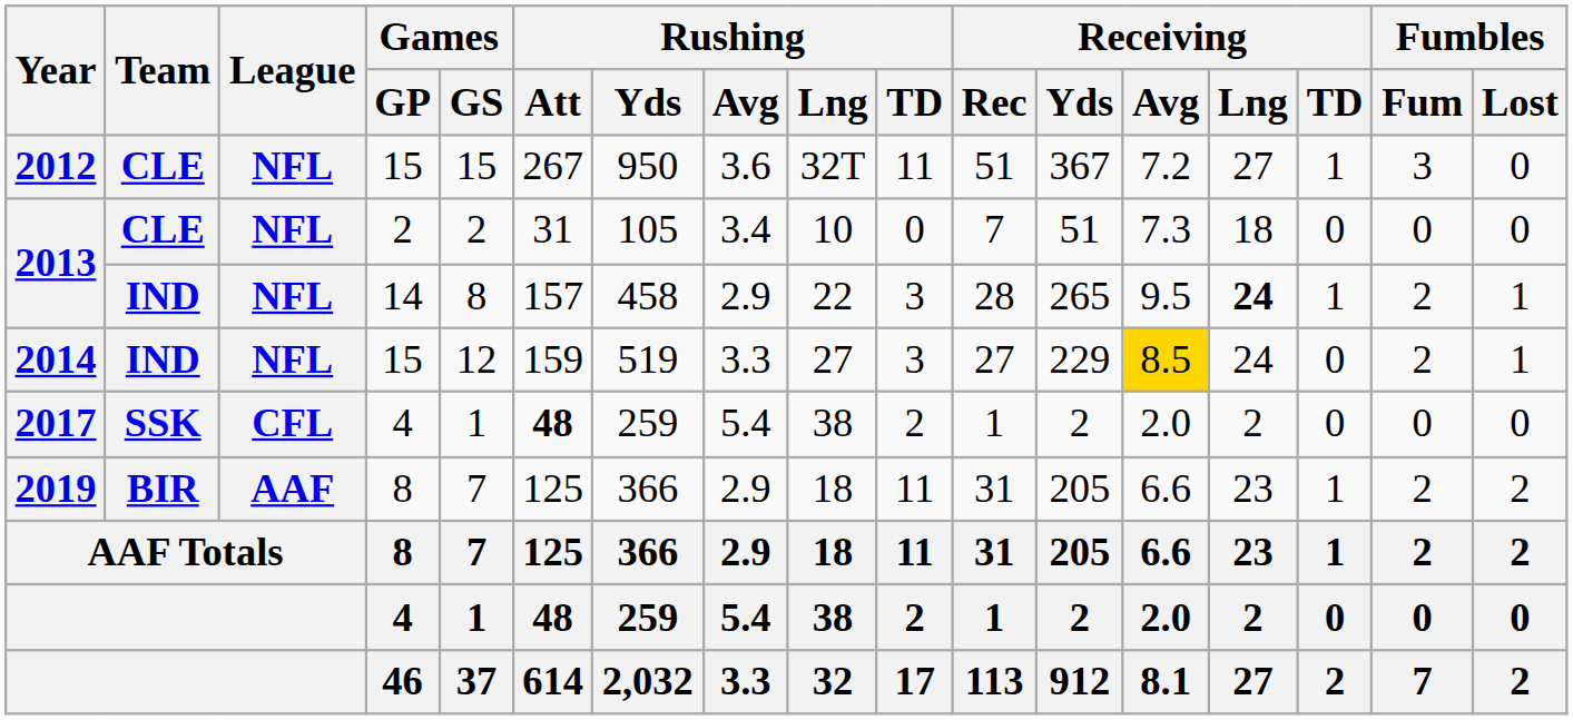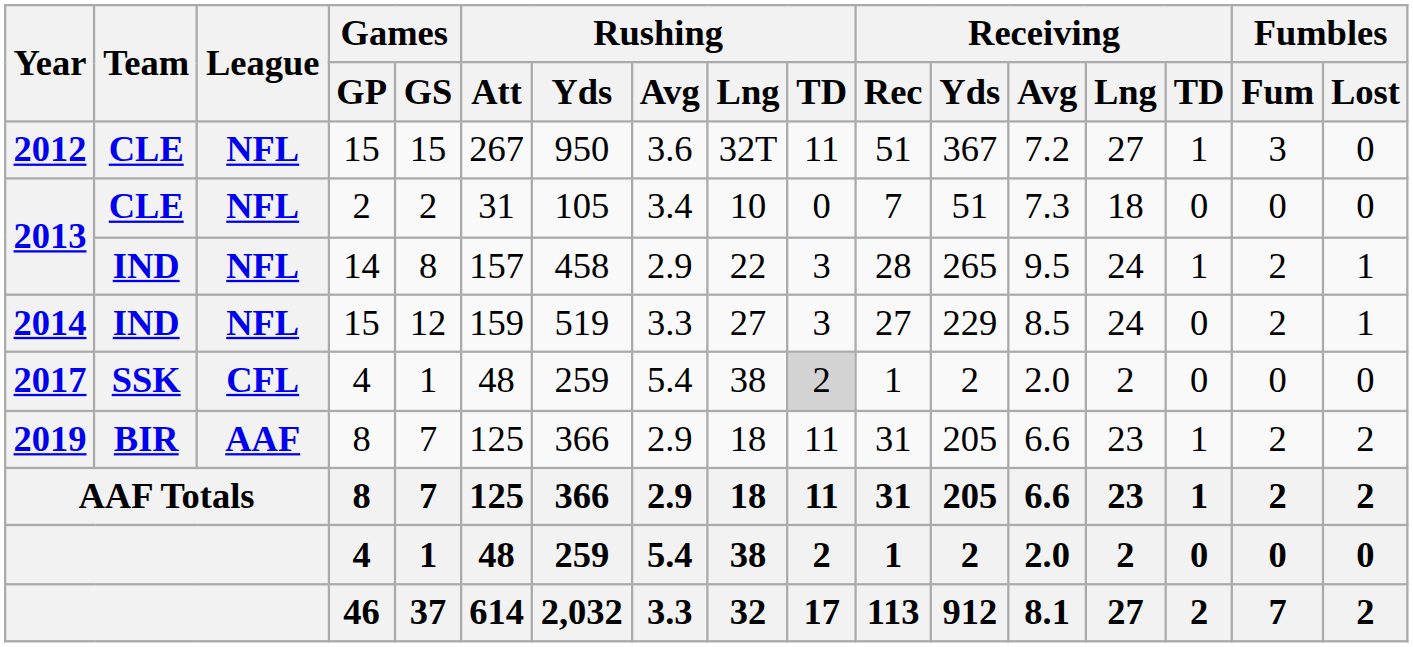 <table class=wikitable style="text-align:center;">
 <tr>
 <th rowspan="2">Year</th>
 <th rowspan="2">Team</th>
 <th rowspan="2">League</th>
 <th colspan="2">Games</th>
 <th colspan="5">Rushing</th>
 <th colspan="5">Receiving</th>
 <th colspan="2">Fumbles</th>
 </tr>
 <tr>
 <th>GP</th>
 <th>GS</th>
 <th>Att</th>
 <th>Yds</th>
 <th>Avg</th>
 <th>Lng</th>
 <th>TD</th>
 <th>Rec</th>
 <th>Yds</th>
 <th>Avg</th>
 <th>Lng</th>
 <th>TD</th>
 <th>Fum</th>
 <th>Lost</th>
 </tr>
 <tr>
 <th><a href='#'>2012</a></th>
 <th><a href='#'>CLE</a></th>
 <th><a href='#'>NFL</a></th>
 <td>15</td>
 <td>15</td>
 <td>267</td>
 <td>950</td>
 <td>3.6</td>
 <td>32T</td>
 <td>11</td>
 <td>51</td>
 <td>367</td>
 <td>7.2</td>
 <td>27</td>
 <td>1</td>
 <td>3</td>
 <td>0</td>
 </tr>
 <tr>
 <th rowspan="2"><a href='#'>2013</a></th>
 <th><a href='#'>CLE</a></th>
 <th><a href='#'>NFL</a></th>
 <td>2</td>
 <td>2</td>
 <td>31</td>
 <td>105</td>
 <td>3.4</td>
 <td>10</td>
 <td>0</td>
 <td>7</td>
 <td>51</td>
 <td>7.3</td>
 <td>18</td>
 <td>0</td>
 <td>0</td>
 <td>0</td>
 </tr>
 <tr>
 <th><a href='#'>IND</a></th>
 <th><a href='#'>NFL</a></th>
 <td>14</td>
 <td>8</td>
 <td>157</td>
 <td>458</td>
 <td>2.9</td>
 <td>22</td>
 <td>3</td>
 <td>28</td>
 <td>265</td>
 <td>9.5</td>
-<td><strong>24</strong></td>
+<td>24</td>
 <td>1</td>
 <td>2</td>
 <td>1</td>
 </tr>
 <tr>
 <th><a href='#'>2014</a></th>
 <th><a href='#'>IND</a></th>
 <th><a href='#'>NFL</a></th>
 <td>15</td>
 <td>12</td>
 <td>159</td>
 <td>519</td>
 <td>3.3</td>
 <td>27</td>
 <td>3</td>
 <td>27</td>
 <td>229</td>
-<td style="background: gold;">8.5</td>
+<td>8.5</td>
 <td>24</td>
 <td>0</td>
 <td>2</td>
 <td>1</td>
 </tr>
 <tr>
 <th><a href='#'>2017</a></th>
 <th><a href='#'>SSK</a></th>
 <th><a href='#'>CFL</a></th>
 <td>4</td>
 <td>1</td>
-<td><strong>48</strong></td>
+<td>48</td>
 <td>259</td>
 <td>5.4</td>
 <td>38</td>
-<td>2</td>
+<td style="background: lightgrey;">2</td>
 <td>1</td>
 <td>2</td>
 <td>2.0</td>
 <td>2</td>
 <td>0</td>
 <td>0</td>
 <td>0</td>
 </tr>
 <tr>
 <th><a href='#'>2019</a></th>
 <th><a href='#'>BIR</a></th>
 <th><a href='#'>AAF</a></th>
 <td>8</td>
 <td>7</td>
 <td>125</td>
 <td>366</td>
 <td>2.9</td>
 <td>18</td>
 <td>11</td>
 <td>31</td>
 <td>205</td>
 <td>6.6</td>
 <td>23</td>
 <td>1</td>
 <td>2</td>
 <td>2</td>
 </tr>
 <tr>
 <th colspan="3">AAF Totals</th>
 <th>8</th>
 <th>7</th>
 <th>125</th>
 <th>366</th>
 <th>2.9</th>
 <th>18</th>
 <th>11</th>
 <th>31</th>
 <th>205</th>
 <th>6.6</th>
 <th>23</th>
 <th>1</th>
 <th>2</th>
 <th>2</th>
 </tr>
 <tr>
 <th colspan="3"></th>
 <th>4</th>
 <th>1</th>
 <th>48</th>
 <th>259</th>
 <th>5.4</th>
 <th>38</th>
 <th>2</th>
 <th>1</th>
 <th>2</th>
 <th>2.0</th>
 <th>2</th>
 <th>0</th>
 <th>0</th>
 <th>0</th>
 </tr>
 <tr>
 <th colspan="3"></th>
 <th>46</th>
 <th>37</th>
 <th>614</th>
 <th>2,032</th>
 <th>3.3</th>
 <th>32</th>
 <th>17</th>
 <th>113</th>
 <th>912</th>
 <th>8.1</th>
 <th>27</th>
 <th>2</th>
 <th>7</th>
 <th>2</th>
 </tr>
 </table>
